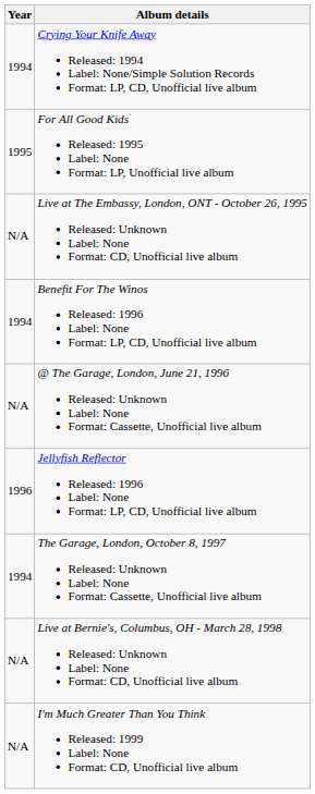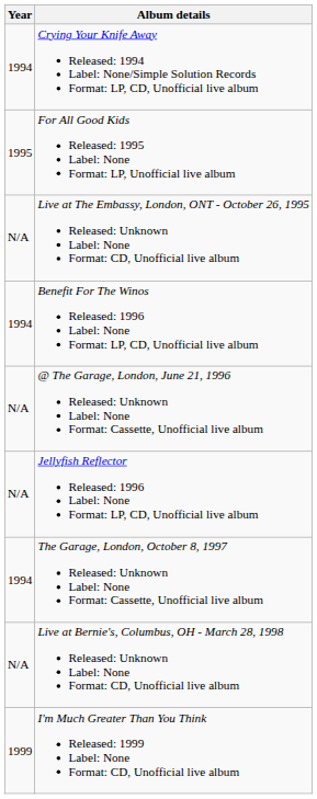 <table class="wikitable">
 <tr>
 <th>Year</th>
 <th>Album details</th>
 </tr>
 <tr>
 <td>1994</td>
 <td><em><a href='#'>Crying Your Knife Away</a></em><br><ul><li>Released: 1994</li><li>Label: None/Simple Solution Records</li><li>Format: LP, CD, Unofficial live album</li></ul></td>
 </tr>
 <tr>
 <td>1995</td>
 <td><em>For All Good Kids</em><br><ul><li>Released: 1995</li><li>Label: None</li><li>Format: LP, Unofficial live album</li></ul></td>
 </tr>
 <tr>
 <td>N/A</td>
 <td><em>Live at The Embassy, London, ONT - October 26, 1995</em><br><ul><li>Released: Unknown</li><li>Label: None</li><li>Format: CD, Unofficial live album</li></ul></td>
 </tr>
 <tr>
 <td>1994</td>
 <td><em>Benefit For The Winos</em><br><ul><li>Released: 1996</li><li>Label: None</li><li>Format: LP, CD, Unofficial live album</li></ul></td>
 </tr>
 <tr>
 <td>N/A</td>
 <td><em>@ The Garage, London, June 21, 1996</em><br><ul><li>Released: Unknown</li><li>Label: None</li><li>Format: Cassette, Unofficial live album</li></ul></td>
 </tr>
 <tr>
-<td>1996</td>
+<td>N/A</td>
 <td><em><a href='#'>Jellyfish Reflector</a></em><br><ul><li>Released: 1996</li><li>Label: None</li><li>Format: LP, CD, Unofficial live album</li></ul></td>
 </tr>
 <tr>
 <td>1994</td>
 <td><em>The Garage, London, October 8, 1997</em><br><ul><li>Released: Unknown</li><li>Label: None</li><li>Format: Cassette, Unofficial live album</li></ul></td>
 </tr>
 <tr>
 <td>N/A</td>
 <td><em>Live at Bernie's, Columbus, OH - March 28, 1998</em><br><ul><li>Released: Unknown</li><li>Label: None</li><li>Format: CD, Unofficial live album</li></ul></td>
 </tr>
 <tr>
-<td>N/A</td>
+<td>1999</td>
 <td><em>I'm Much Greater Than You Think</em><br><ul><li>Released: 1999</li><li>Label: None</li><li>Format: CD, Unofficial live album</li></ul></td>
 </tr>
 </table>
